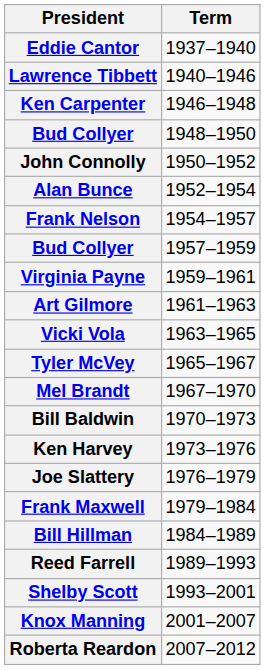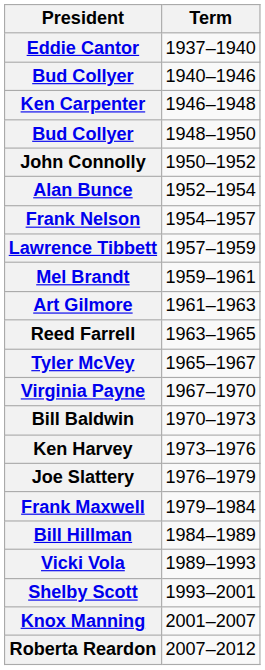 <table class="wikitable plainrowheaders">
 <tr>
 <th scope="col">President</th>
 <th scope="col">Term</th>
 </tr>
 <tr>
 <th scope="row"><a href='#'>Eddie Cantor</a></th>
 <td>1937–1940</td>
 </tr>
 <tr>
-<th scope="row"><a href='#'>Lawrence Tibbett</a></th>
+<th scope="row"><a href='#'>Bud Collyer</a></th>
 <td>1940–1946</td>
 </tr>
 <tr>
 <th scope="row"><a href='#'>Ken Carpenter</a></th>
 <td>1946–1948</td>
 </tr>
 <tr>
 <th scope="row"><a href='#'>Bud Collyer</a></th>
 <td>1948–1950</td>
 </tr>
 <tr>
 <th scope="row">John Connolly</th>
 <td>1950–1952</td>
 </tr>
 <tr>
 <th scope="row"><a href='#'>Alan Bunce</a></th>
 <td>1952–1954</td>
 </tr>
 <tr>
 <th scope="row"><a href='#'>Frank Nelson</a></th>
 <td>1954–1957</td>
 </tr>
 <tr>
-<th scope="row"><a href='#'>Bud Collyer</a></th>
+<th scope="row"><a href='#'>Lawrence Tibbett</a></th>
 <td>1957–1959</td>
 </tr>
 <tr>
-<th scope="row"><a href='#'>Virginia Payne</a></th>
+<th scope="row"><a href='#'>Mel Brandt</a></th>
 <td>1959–1961</td>
 </tr>
 <tr>
 <th scope="row"><a href='#'>Art Gilmore</a></th>
 <td>1961–1963</td>
 </tr>
 <tr>
-<th scope="row"><a href='#'>Vicki Vola</a></th>
+<th scope="row">Reed Farrell</th>
 <td>1963–1965</td>
 </tr>
 <tr>
 <th scope="row"><a href='#'>Tyler McVey</a></th>
 <td>1965–1967</td>
 </tr>
 <tr>
-<th scope="row"><a href='#'>Mel Brandt</a></th>
+<th scope="row"><a href='#'>Virginia Payne</a></th>
 <td>1967–1970</td>
 </tr>
 <tr>
 <th scope="row">Bill Baldwin</th>
 <td>1970–1973</td>
 </tr>
 <tr>
 <th scope="row">Ken Harvey</th>
 <td>1973–1976</td>
 </tr>
 <tr>
 <th scope="row">Joe Slattery</th>
 <td>1976–1979</td>
 </tr>
 <tr>
 <th scope="row"><a href='#'>Frank Maxwell</a></th>
 <td>1979–1984</td>
 </tr>
 <tr>
 <th scope="row"><a href='#'>Bill Hillman</a></th>
 <td>1984–1989</td>
 </tr>
 <tr>
-<th scope="row">Reed Farrell</th>
+<th scope="row"><a href='#'>Vicki Vola</a></th>
 <td>1989–1993</td>
 </tr>
 <tr>
 <th scope="row"><a href='#'>Shelby Scott</a></th>
 <td>1993–2001</td>
 </tr>
 <tr>
 <th scope="row"><a href='#'>Knox Manning</a></th>
 <td>2001–2007</td>
 </tr>
 <tr>
 <th scope="row">Roberta Reardon</th>
 <td>2007–2012</td>
 </tr>
 </table>
